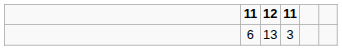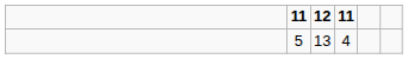 <table class="wikitable">
 <tr>
 <td style="width:18em"></td>
 <td align=center style="width:1em"><strong>11</strong></td>
 <td align=center style="width:1em"><strong>12</strong></td>
 <td align=center style="width:1em"><strong>11</strong></td>
 <td align=center style="width:1em"></td>
 <td align=center style="width:1em"></td>
 </tr>
 <tr>
 <td style="width:18em"></td>
-<td align=center style="width:1em">6</td>
+<td align=center style="width:1em">5</td>
 <td align=center style="width:1em">13</td>
-<td align=center style="width:1em">3</td>
+<td align=center style="width:1em">4</td>
 <td align=center style="width:1em"></td>
 <td align=center style="width:1em"></td>
 </tr>
 </table>
